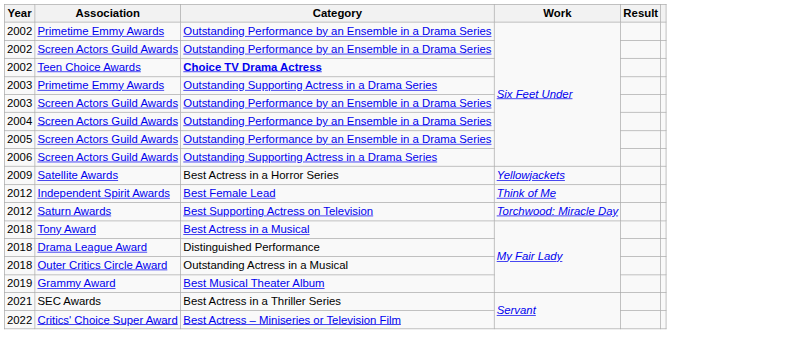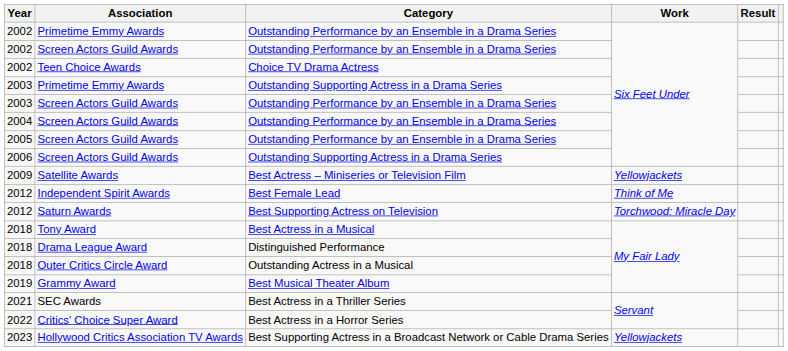 <table class="wikitable sortable">
 <tr>
 <th scope="col">Year</th>
 <th scope="col">Association</th>
 <th scope="col">Category</th>
 <th scope="col">Work</th>
 <th scope="col">Result</th>
 <th scope="col" class="unsortable"></th>
 </tr>
 <tr>
 <td>2002</td>
 <td><a href='#'>Primetime Emmy Awards</a></td>
 <td><a href='#'>Outstanding Performance by an Ensemble in a Drama Series</a></td>
 <td rowspan=8><em><a href='#'>Six Feet Under</a></em></td>
 <td></td>
 <td style="text-align:center;"></td>
 </tr>
 <tr>
 <td>2002</td>
 <td><a href='#'>Screen Actors Guild Awards</a></td>
 <td><a href='#'>Outstanding Performance by an Ensemble in a Drama Series</a></td>
 <td></td>
 <td style="text-align:center;"></td>
 </tr>
 <tr>
 <td>2002</td>
 <td><a href='#'>Teen Choice Awards</a></td>
-<td><strong><a href='#'>Choice TV Drama Actress</a></strong></td>
+<td><a href='#'>Choice TV Drama Actress</a></td>
 <td></td>
 <td style="text-align:center;"></td>
 </tr>
 <tr>
 <td>2003</td>
 <td><a href='#'>Primetime Emmy Awards</a></td>
 <td><a href='#'>Outstanding Supporting Actress in a Drama Series</a></td>
 <td></td>
 <td style="text-align:center;"></td>
 </tr>
 <tr>
 <td>2003</td>
 <td><a href='#'>Screen Actors Guild Awards</a></td>
 <td><a href='#'>Outstanding Performance by an Ensemble in a Drama Series</a></td>
 <td></td>
 <td style="text-align:center;"></td>
 </tr>
 <tr>
 <td>2004</td>
 <td><a href='#'>Screen Actors Guild Awards</a></td>
 <td><a href='#'>Outstanding Performance by an Ensemble in a Drama Series</a></td>
 <td></td>
 <td style="text-align:center;"></td>
 </tr>
 <tr>
 <td>2005</td>
 <td><a href='#'>Screen Actors Guild Awards</a></td>
 <td><a href='#'>Outstanding Performance by an Ensemble in a Drama Series</a></td>
 <td></td>
 <td style="text-align:center;"></td>
 </tr>
 <tr>
 <td>2006</td>
 <td><a href='#'>Screen Actors Guild Awards</a></td>
 <td><a href='#'>Outstanding Supporting Actress in a Drama Series</a></td>
 <td></td>
 <td style="text-align:center;"></td>
 </tr>
 <tr>
 <td>2009</td>
 <td><a href='#'>Satellite Awards</a></td>
-<td>Best Actress in a Horror Series</td>
+<td><a href='#'>Best Actress – Miniseries or Television Film</a></td>
 <td><em><a href='#'>Yellowjackets</a></em></td>
 <td></td>
 <td style="text-align:center;"></td>
 </tr>
 <tr>
 <td>2012</td>
 <td><a href='#'>Independent Spirit Awards</a></td>
 <td><a href='#'>Best Female Lead</a></td>
 <td><em><a href='#'>Think of Me</a></em></td>
 <td></td>
 <td style="text-align:center;"></td>
 </tr>
 <tr>
 <td>2012</td>
 <td><a href='#'>Saturn Awards</a></td>
 <td><a href='#'>Best Supporting Actress on Television</a></td>
 <td><em><a href='#'>Torchwood: Miracle Day</a></em></td>
 <td></td>
 <td style="text-align:center;"></td>
 </tr>
 <tr>
 <td>2018</td>
 <td><a href='#'>Tony Award</a></td>
 <td><a href='#'>Best Actress in a Musical</a></td>
 <td rowspan=4><em><a href='#'>My Fair Lady</a></em></td>
 <td></td>
 <td style="text-align:center;"></td>
 </tr>
 <tr>
 <td>2018</td>
 <td><a href='#'>Drama League Award</a></td>
 <td>Distinguished Performance</td>
 <td></td>
 <td style="text-align:center;"></td>
 </tr>
 <tr>
 <td>2018</td>
 <td><a href='#'>Outer Critics Circle Award</a></td>
 <td>Outstanding Actress in a Musical</td>
 <td></td>
 <td style="text-align:center;"></td>
 </tr>
 <tr>
 <td>2019</td>
 <td><a href='#'>Grammy Award</a></td>
 <td><a href='#'>Best Musical Theater Album</a></td>
 <td></td>
 <td style="text-align:center;"></td>
 </tr>
 <tr>
 <td>2021</td>
 <td>SEC Awards</td>
 <td>Best Actress in a Thriller Series</td>
 <td rowspan="2"><em><a href='#'>Servant</a></em></td>
 <td></td>
 <td style="text-align:center;"></td>
 </tr>
 <tr>
 <td>2022</td>
 <td><a href='#'>Critics' Choice Super Award</a></td>
-<td><a href='#'>Best Actress – Miniseries or Television Film</a></td>
+<td>Best Actress in a Horror Series</td>
+<td></td>
+<td style="text-align:center;"></td>
+</tr>
+<tr>
+<td>2023</td>
+<td><a href='#'>Hollywood Critics Association TV Awards</a></td>
+<td>Best Supporting Actress in a Broadcast Network or Cable Drama Series</td>
+<td><em><a href='#'>Yellowjackets</a></em></td>
 <td></td>
 <td style="text-align:center;"></td>
 </tr>
 </table>
